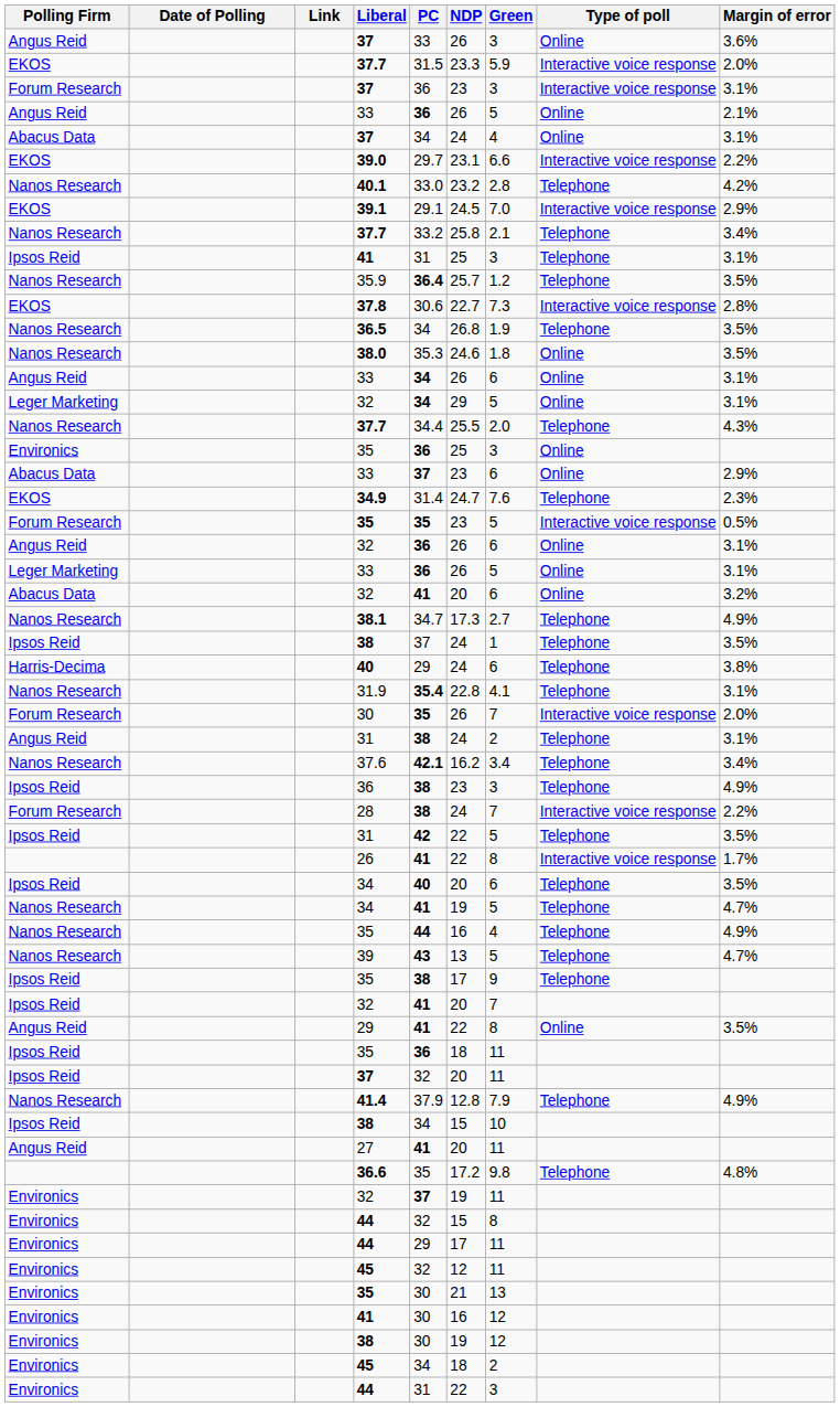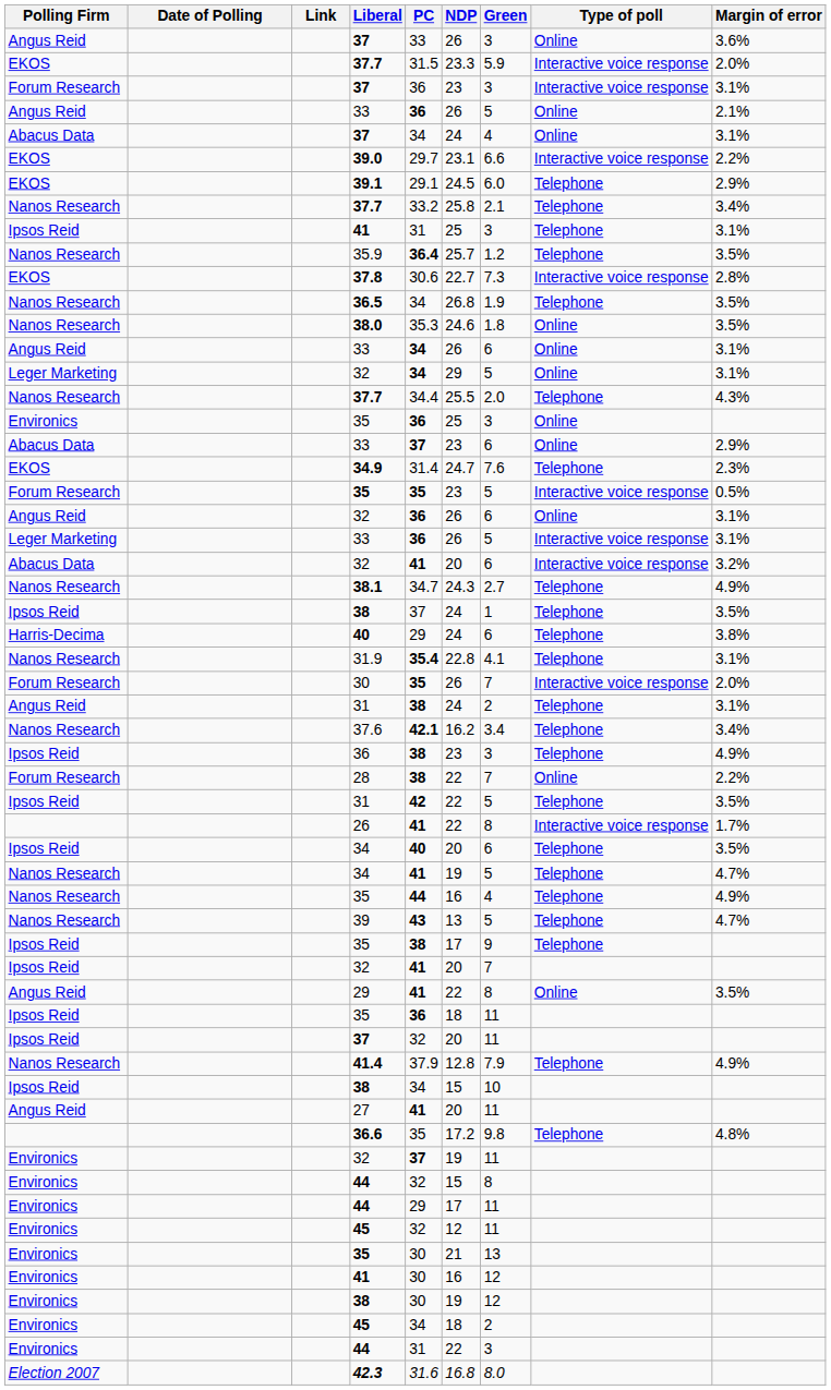 <table class="wikitable mw-collapsible sortable mw-collapsed">
 <tr style="background-color:#E9E9E9">
 <th width=15%>Polling Firm</th>
 <th width=20%>Date of Polling</th>
 <th width=7% class=unsortable>Link</th>
 <th style="background-color:"><strong><a href='#'>Liberal</a></strong></th>
 <th style="background-color:"><strong><a href='#'>PC</a></strong></th>
 <th style="background-color:"><strong><a href='#'>NDP</a></strong></th>
 <th style="background-color:"><strong><a href='#'>Green</a></strong></th>
 <th class=unsortable>Type of poll</th>
 <th class=unsortable>Margin of error</th>
 </tr>
 <tr>
 <td><a href='#'>Angus Reid</a></td>
 <td></td>
 <td></td>
 <td><strong>37</strong></td>
 <td>33</td>
 <td>26</td>
 <td>3</td>
 <td><a href='#'>Online</a></td>
 <td>3.6%</td>
 </tr>
 <tr>
 <td><a href='#'>EKOS</a></td>
 <td></td>
 <td></td>
 <td><strong>37.7</strong></td>
 <td>31.5</td>
 <td>23.3</td>
 <td>5.9</td>
 <td><a href='#'>Interactive voice response</a></td>
 <td>2.0%</td>
 </tr>
 <tr>
 <td><a href='#'>Forum Research</a></td>
 <td></td>
 <td></td>
 <td><strong>37</strong></td>
 <td>36</td>
 <td>23</td>
 <td>3</td>
 <td><a href='#'>Interactive voice response</a></td>
 <td>3.1%</td>
 </tr>
 <tr>
 <td><a href='#'>Angus Reid</a></td>
 <td></td>
 <td></td>
 <td>33</td>
 <td><strong>36</strong></td>
 <td>26</td>
 <td>5</td>
 <td><a href='#'>Online</a></td>
 <td>2.1%</td>
 </tr>
 <tr>
 <td><a href='#'>Abacus Data</a></td>
 <td></td>
 <td></td>
 <td><strong>37</strong></td>
 <td>34</td>
 <td>24</td>
 <td>4</td>
 <td><a href='#'>Online</a></td>
 <td>3.1%</td>
 </tr>
 <tr>
 <td><a href='#'>EKOS</a></td>
 <td></td>
 <td></td>
 <td><strong>39.0</strong></td>
 <td>29.7</td>
 <td>23.1</td>
 <td>6.6</td>
 <td><a href='#'>Interactive voice response</a></td>
 <td>2.2%</td>
 </tr>
 <tr>
-<td><a href='#'>Nanos Research</a></td>
-<td></td>
-<td></td>
-<td><strong>40.1</strong></td>
-<td>33.0</td>
-<td>23.2</td>
-<td>2.8</td>
-<td><a href='#'>Telephone</a></td>
-<td>4.2%</td>
-</tr>
-<tr>
 <td><a href='#'>EKOS</a></td>
 <td></td>
 <td></td>
 <td><strong>39.1</strong></td>
 <td>29.1</td>
 <td>24.5</td>
-<td>7.0</td>
-<td><a href='#'>Interactive voice response</a></td>
+<td>6.0</td>
+<td><a href='#'>Telephone</a></td>
 <td>2.9%</td>
 </tr>
 <tr>
 <td><a href='#'>Nanos Research</a></td>
 <td></td>
 <td></td>
 <td><strong>37.7</strong></td>
 <td>33.2</td>
 <td>25.8</td>
 <td>2.1</td>
 <td><a href='#'>Telephone</a></td>
 <td>3.4%</td>
 </tr>
 <tr>
 <td><a href='#'>Ipsos Reid</a></td>
 <td></td>
 <td></td>
 <td><strong>41</strong></td>
 <td>31</td>
 <td>25</td>
 <td>3</td>
 <td><a href='#'>Telephone</a></td>
 <td>3.1%</td>
 </tr>
 <tr>
 <td><a href='#'>Nanos Research</a></td>
 <td></td>
 <td></td>
 <td>35.9</td>
 <td><strong>36.4</strong></td>
 <td>25.7</td>
 <td>1.2</td>
 <td><a href='#'>Telephone</a></td>
 <td>3.5%</td>
 </tr>
 <tr>
 <td><a href='#'>EKOS</a></td>
 <td></td>
 <td></td>
 <td><strong>37.8</strong></td>
 <td>30.6</td>
 <td>22.7</td>
 <td>7.3</td>
 <td><a href='#'>Interactive voice response</a></td>
 <td>2.8%</td>
 </tr>
 <tr>
 <td><a href='#'>Nanos Research</a></td>
 <td></td>
 <td></td>
 <td><strong>36.5</strong></td>
 <td>34</td>
 <td>26.8</td>
 <td>1.9</td>
 <td><a href='#'>Telephone</a></td>
 <td>3.5%</td>
 </tr>
 <tr>
 <td><a href='#'>Nanos Research</a></td>
 <td></td>
 <td></td>
 <td><strong>38.0</strong></td>
 <td>35.3</td>
 <td>24.6</td>
 <td>1.8</td>
 <td><a href='#'>Online</a></td>
 <td>3.5%</td>
 </tr>
 <tr>
 <td><a href='#'>Angus Reid</a></td>
 <td></td>
 <td></td>
 <td>33</td>
 <td><strong>34</strong></td>
 <td>26</td>
 <td>6</td>
 <td><a href='#'>Online</a></td>
 <td>3.1%</td>
 </tr>
 <tr>
 <td><a href='#'>Leger Marketing</a></td>
 <td></td>
 <td></td>
 <td>32</td>
 <td><strong>34</strong></td>
 <td>29</td>
 <td>5</td>
 <td><a href='#'>Online</a></td>
 <td>3.1%</td>
 </tr>
 <tr>
 <td><a href='#'>Nanos Research</a></td>
 <td></td>
 <td></td>
 <td><strong>37.7</strong></td>
 <td>34.4</td>
 <td>25.5</td>
 <td>2.0</td>
 <td><a href='#'>Telephone</a></td>
 <td>4.3%</td>
 </tr>
 <tr>
 <td><a href='#'>Environics</a></td>
 <td></td>
 <td></td>
 <td>35</td>
 <td><strong>36</strong></td>
 <td>25</td>
 <td>3</td>
 <td><a href='#'>Online</a></td>
 <td></td>
 </tr>
 <tr>
 <td><a href='#'>Abacus Data</a></td>
 <td></td>
 <td></td>
 <td>33</td>
 <td><strong>37</strong></td>
 <td>23</td>
 <td>6</td>
 <td><a href='#'>Online</a></td>
 <td>2.9%</td>
 </tr>
 <tr>
 <td><a href='#'>EKOS</a></td>
 <td></td>
 <td></td>
 <td><strong>34.9</strong></td>
 <td>31.4</td>
 <td>24.7</td>
 <td>7.6</td>
 <td><a href='#'>Telephone</a></td>
 <td>2.3%</td>
 </tr>
 <tr>
 <td><a href='#'>Forum Research</a></td>
 <td></td>
 <td></td>
 <td><strong>35</strong></td>
 <td><strong>35</strong></td>
 <td>23</td>
 <td>5</td>
 <td><a href='#'>Interactive voice response</a></td>
 <td>0.5%</td>
 </tr>
 <tr>
 <td><a href='#'>Angus Reid</a></td>
 <td></td>
 <td></td>
 <td>32</td>
 <td><strong>36</strong></td>
 <td>26</td>
 <td>6</td>
 <td><a href='#'>Online</a></td>
 <td>3.1%</td>
 </tr>
 <tr>
 <td><a href='#'>Leger Marketing</a></td>
 <td></td>
 <td></td>
 <td>33</td>
 <td><strong>36</strong></td>
 <td>26</td>
 <td>5</td>
-<td><a href='#'>Online</a></td>
+<td><a href='#'>Interactive voice response</a></td>
 <td>3.1%</td>
 </tr>
 <tr>
 <td><a href='#'>Abacus Data</a></td>
 <td></td>
 <td></td>
 <td>32</td>
 <td><strong>41</strong></td>
 <td>20</td>
 <td>6</td>
-<td><a href='#'>Online</a></td>
+<td><a href='#'>Interactive voice response</a></td>
 <td>3.2%</td>
 </tr>
 <tr>
 <td><a href='#'>Nanos Research</a></td>
 <td></td>
 <td></td>
 <td><strong>38.1</strong></td>
 <td>34.7</td>
-<td>17.3</td>
+<td>24.3</td>
 <td>2.7</td>
 <td><a href='#'>Telephone</a></td>
 <td>4.9%</td>
 </tr>
 <tr>
 <td><a href='#'>Ipsos Reid</a></td>
 <td></td>
 <td> </td>
 <td><strong>38</strong></td>
 <td>37</td>
 <td>24</td>
 <td>1</td>
 <td><a href='#'>Telephone</a></td>
 <td>3.5%</td>
 </tr>
 <tr>
 <td><a href='#'>Harris-Decima</a></td>
 <td></td>
 <td></td>
 <td><strong>40</strong></td>
 <td>29</td>
 <td>24</td>
 <td>6</td>
 <td><a href='#'>Telephone</a></td>
 <td>3.8%</td>
 </tr>
 <tr>
 <td><a href='#'>Nanos Research</a></td>
 <td></td>
 <td></td>
 <td>31.9</td>
 <td><strong>35.4</strong></td>
 <td>22.8</td>
 <td>4.1</td>
 <td><a href='#'>Telephone</a></td>
 <td>3.1%</td>
 </tr>
 <tr>
 <td><a href='#'>Forum Research</a></td>
 <td></td>
 <td></td>
 <td>30</td>
 <td><strong>35</strong></td>
 <td>26</td>
 <td>7</td>
 <td><a href='#'>Interactive voice response</a></td>
 <td>2.0%</td>
 </tr>
 <tr>
 <td><a href='#'>Angus Reid</a></td>
 <td></td>
 <td></td>
 <td>31</td>
 <td><strong>38</strong></td>
 <td>24</td>
 <td>2</td>
 <td><a href='#'>Telephone</a></td>
 <td>3.1%</td>
 </tr>
 <tr>
 <td><a href='#'>Nanos Research</a></td>
 <td></td>
 <td></td>
 <td>37.6</td>
 <td><strong>42.1</strong></td>
 <td>16.2</td>
 <td>3.4</td>
 <td><a href='#'>Telephone</a></td>
 <td>3.4%</td>
 </tr>
 <tr>
 <td><a href='#'>Ipsos Reid</a></td>
 <td></td>
 <td> </td>
 <td>36</td>
 <td><strong>38</strong></td>
 <td>23</td>
 <td>3</td>
 <td><a href='#'>Telephone</a></td>
 <td>4.9%</td>
 </tr>
 <tr>
 <td><a href='#'>Forum Research</a></td>
 <td></td>
 <td></td>
 <td>28</td>
 <td><strong>38</strong></td>
-<td>24</td>
+<td>22</td>
 <td>7</td>
-<td><a href='#'>Interactive voice response</a></td>
+<td><a href='#'>Online</a></td>
 <td>2.2%</td>
 </tr>
 <tr>
 <td><a href='#'>Ipsos Reid</a></td>
 <td></td>
 <td> </td>
 <td>31</td>
 <td><strong>42</strong></td>
 <td>22</td>
 <td>5</td>
 <td><a href='#'>Telephone</a></td>
 <td>3.5%</td>
 </tr>
 <tr>
 <td></td>
 <td></td>
 <td></td>
 <td>26</td>
 <td><strong>41</strong></td>
 <td>22</td>
 <td>8</td>
 <td><a href='#'>Interactive voice response</a></td>
 <td>1.7%</td>
 </tr>
 <tr>
 <td><a href='#'>Ipsos Reid</a></td>
 <td></td>
 <td></td>
 <td>34</td>
 <td><strong>40</strong></td>
 <td>20</td>
 <td>6</td>
 <td><a href='#'>Telephone</a></td>
 <td>3.5%</td>
 </tr>
 <tr>
 <td><a href='#'>Nanos Research</a></td>
 <td></td>
 <td></td>
 <td>34</td>
 <td><strong>41</strong></td>
 <td>19</td>
 <td>5</td>
 <td><a href='#'>Telephone</a></td>
 <td>4.7%</td>
 </tr>
 <tr>
 <td><a href='#'>Nanos Research</a></td>
 <td></td>
 <td></td>
 <td>35</td>
 <td><strong>44</strong></td>
 <td>16</td>
 <td>4</td>
 <td><a href='#'>Telephone</a></td>
 <td>4.9%</td>
 </tr>
 <tr>
 <td><a href='#'>Nanos Research</a></td>
 <td></td>
 <td></td>
 <td>39</td>
 <td><strong>43</strong></td>
 <td>13</td>
 <td>5</td>
 <td><a href='#'>Telephone</a></td>
 <td>4.7%</td>
 </tr>
 <tr>
 <td><a href='#'>Ipsos Reid</a></td>
 <td></td>
 <td> </td>
 <td>35</td>
 <td><strong>38</strong></td>
 <td>17</td>
 <td>9</td>
 <td><a href='#'>Telephone</a></td>
 <td></td>
 </tr>
 <tr>
 <td><a href='#'>Ipsos Reid</a></td>
 <td></td>
 <td></td>
 <td>32</td>
 <td><strong>41</strong></td>
 <td>20</td>
 <td>7</td>
 <td></td>
 <td></td>
 </tr>
 <tr>
 <td><a href='#'>Angus Reid</a></td>
 <td></td>
 <td></td>
 <td>29</td>
 <td><strong>41</strong></td>
 <td>22</td>
 <td>8</td>
 <td><a href='#'>Online</a></td>
 <td>3.5%</td>
 </tr>
 <tr>
 <td><a href='#'>Ipsos Reid</a></td>
 <td></td>
 <td></td>
 <td>35</td>
 <td><strong>36</strong></td>
 <td>18</td>
 <td>11</td>
 <td></td>
 <td></td>
 </tr>
 <tr>
 <td><a href='#'>Ipsos Reid</a></td>
 <td></td>
 <td></td>
 <td><strong>37</strong></td>
 <td>32</td>
 <td>20</td>
 <td>11</td>
 <td></td>
 <td></td>
 </tr>
 <tr>
 <td><a href='#'>Nanos Research</a></td>
 <td></td>
 <td></td>
 <td><strong>41.4</strong></td>
 <td>37.9</td>
 <td>12.8</td>
 <td>7.9</td>
 <td><a href='#'>Telephone</a></td>
 <td>4.9%</td>
 </tr>
 <tr>
 <td><a href='#'>Ipsos Reid</a></td>
 <td></td>
 <td></td>
 <td><strong>38</strong></td>
 <td>34</td>
 <td>15</td>
 <td>10</td>
 <td></td>
 <td></td>
 </tr>
 <tr>
 <td><a href='#'>Angus Reid</a></td>
 <td></td>
 <td></td>
 <td>27</td>
 <td><strong>41</strong></td>
 <td>20</td>
 <td>11</td>
 <td></td>
 <td></td>
 </tr>
 <tr>
 <td></td>
 <td></td>
 <td></td>
 <td><strong>36.6</strong></td>
 <td>35</td>
 <td>17.2</td>
 <td>9.8</td>
 <td><a href='#'>Telephone</a></td>
 <td>4.8%</td>
 </tr>
 <tr>
 <td><a href='#'>Environics</a></td>
 <td></td>
 <td></td>
 <td>32</td>
 <td><strong>37</strong></td>
 <td>19</td>
 <td>11</td>
 <td></td>
 <td></td>
 </tr>
 <tr>
 <td><a href='#'>Environics</a></td>
 <td></td>
 <td></td>
 <td><strong>44</strong></td>
 <td>32</td>
 <td>15</td>
 <td>8</td>
 <td></td>
 <td></td>
 </tr>
 <tr>
 <td><a href='#'>Environics</a></td>
 <td></td>
 <td></td>
 <td><strong>44</strong></td>
 <td>29</td>
 <td>17</td>
 <td>11</td>
 <td></td>
 <td></td>
 </tr>
 <tr>
 <td><a href='#'>Environics</a></td>
 <td></td>
 <td></td>
 <td><strong>45</strong></td>
 <td>32</td>
 <td>12</td>
 <td>11</td>
 <td></td>
 <td></td>
 </tr>
 <tr>
 <td><a href='#'>Environics</a></td>
 <td></td>
 <td></td>
 <td><strong>35</strong></td>
 <td>30</td>
 <td>21</td>
 <td>13</td>
 <td></td>
 <td></td>
 </tr>
 <tr>
 <td><a href='#'>Environics</a></td>
 <td></td>
 <td></td>
 <td><strong>41</strong></td>
 <td>30</td>
 <td>16</td>
 <td>12</td>
 <td></td>
 <td></td>
 </tr>
 <tr>
 <td><a href='#'>Environics</a></td>
 <td></td>
 <td></td>
 <td><strong>38</strong></td>
 <td>30</td>
 <td>19</td>
 <td>12</td>
 <td></td>
 <td></td>
 </tr>
 <tr>
 <td><a href='#'>Environics</a></td>
 <td></td>
 <td></td>
 <td><strong>45</strong></td>
 <td>34</td>
 <td>18</td>
 <td>2</td>
 <td></td>
 <td></td>
 </tr>
 <tr>
 <td><a href='#'>Environics</a></td>
 <td></td>
 <td></td>
 <td><strong>44</strong></td>
 <td>31</td>
 <td>22</td>
 <td>3</td>
 <td></td>
 <td></td>
 </tr>
+<tr>
+<td><em><a href='#'>Election 2007</a></em></td>
+<td><em></em></td>
+<td><em></em></td>
+<td><strong><em>42.3</em></strong></td>
+<td><em>31.6</em></td>
+<td><em>16.8</em></td>
+<td><em>8.0</em></td>
+<td></td>
+<td></td>
+</tr>
 </table>
